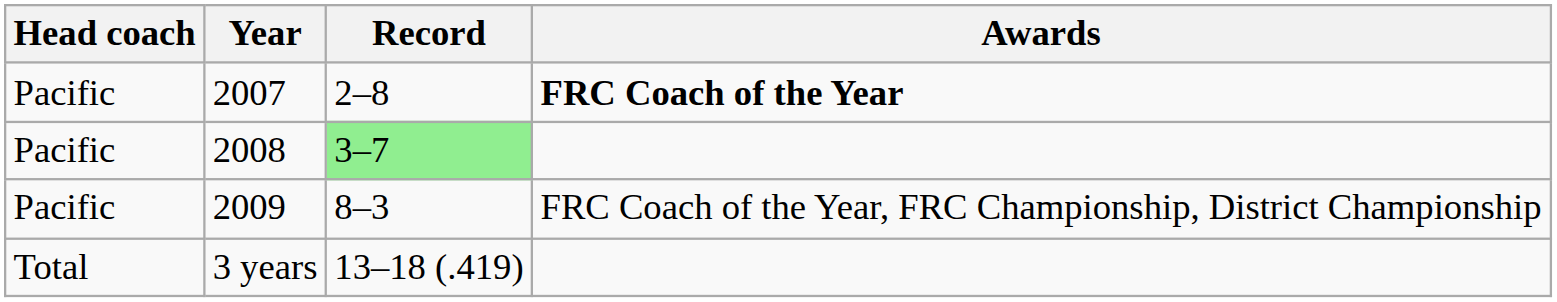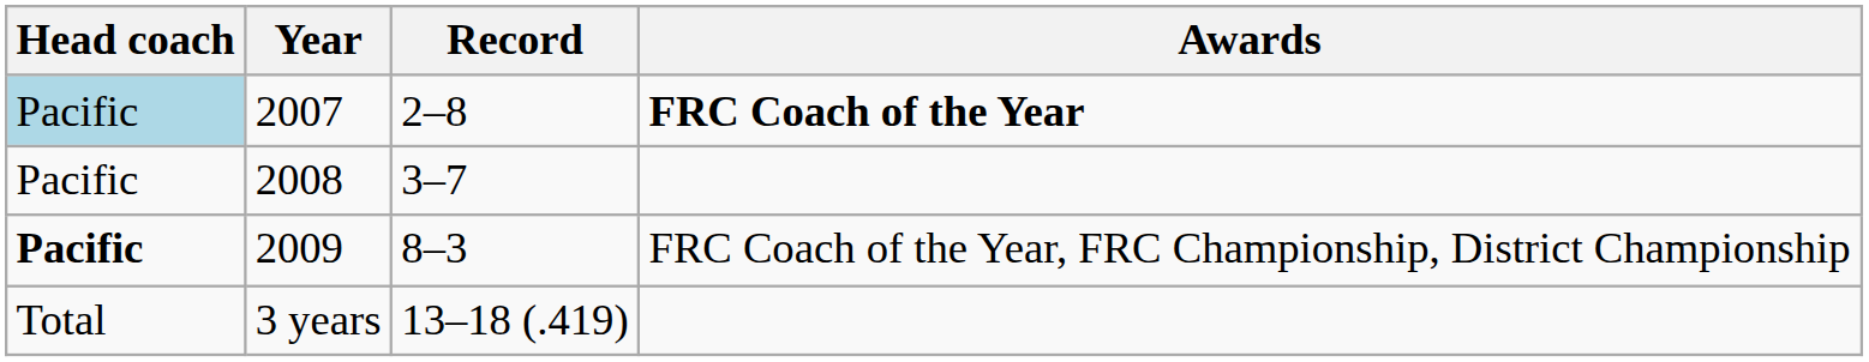 <table class="wikitable">
 <tr>
 <th>Head coach</th>
 <th>Year</th>
 <th>Record</th>
 <th>Awards</th>
 </tr>
 <tr>
-<td>Pacific</td>
+<td style="background: lightblue;">Pacific</td>
 <td>2007</td>
 <td>2–8</td>
 <td><strong>FRC Coach of the Year</strong></td>
 </tr>
 <tr>
 <td>Pacific</td>
 <td>2008</td>
-<td style="background: lightgreen;">3–7</td>
+<td>3–7</td>
 <td></td>
 </tr>
 <tr>
-<td>Pacific</td>
+<td><strong>Pacific</strong></td>
 <td>2009</td>
 <td>8–3</td>
 <td>FRC Coach of the Year, FRC Championship, District Championship</td>
 </tr>
 <tr>
 <td>Total</td>
 <td>3 years</td>
 <td>13–18 (.419)</td>
 </tr>
 </table>
